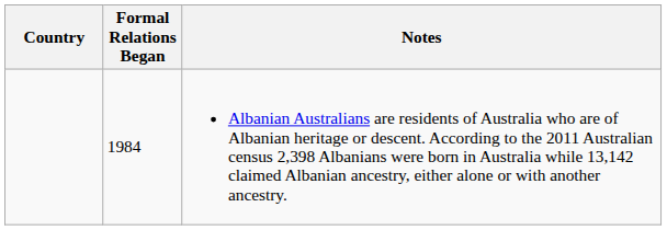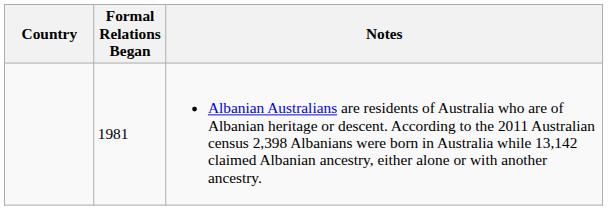 <table class="wikitable sortable" border="1" style="width:100%; margin:auto;">
 <tr>
 <th width="15%">Country</th>
 <th width="12%">Formal Relations Began</th>
 <th>Notes</th>
 </tr>
 <tr -valign="top">
 <td></td>
-<td>1984</td>
+<td>1981</td>
 <td><br><ul><li><a href='#'>Albanian Australians</a> are residents of Australia who are of Albanian heritage or descent. According to the 2011 Australian census 2,398 Albanians were born in Australia while 13,142 claimed Albanian ancestry, either alone or with another ancestry.</li></ul></td>
 </tr>
 </table>
